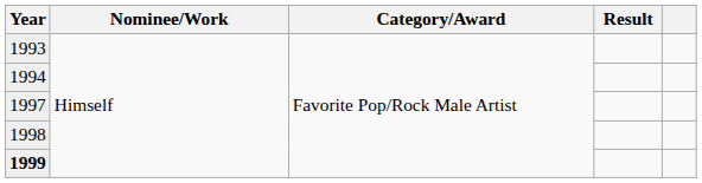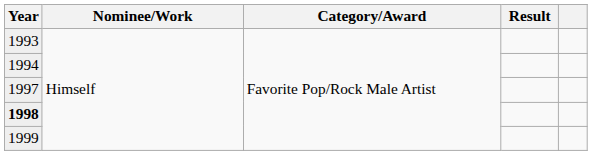 <table class="wikitable">
 <tr>
 <th width=5%>Year</th>
 <th width=35%>Nominee/Work</th>
 <th width=45%>Category/Award</th>
 <th width=10%>Result</th>
 <th width=5%></th>
 </tr>
 <tr>
 <td bgcolor="#efefef">1993</td>
 <td rowspan="5">Himself</td>
 <td rowspan="5">Favorite Pop/Rock Male Artist</td>
 <td></td>
 <td style="text-align:center;"></td>
 </tr>
 <tr>
 <td bgcolor="#efefef">1994</td>
 <td></td>
 <td style="text-align:center;"></td>
 </tr>
 <tr>
 <td bgcolor="#efefef">1997</td>
 <td></td>
 <td style="text-align:center;"></td>
 </tr>
 <tr>
-<td bgcolor="#efefef">1998</td>
+<td bgcolor="#efefef"><strong>1998</strong></td>
 <td></td>
 <td style="text-align:center;"></td>
 </tr>
 <tr>
-<td bgcolor="#efefef"><strong>1999</strong></td>
+<td bgcolor="#efefef">1999</td>
 <td></td>
 <td style="text-align:center;"></td>
 </tr>
 </table>
